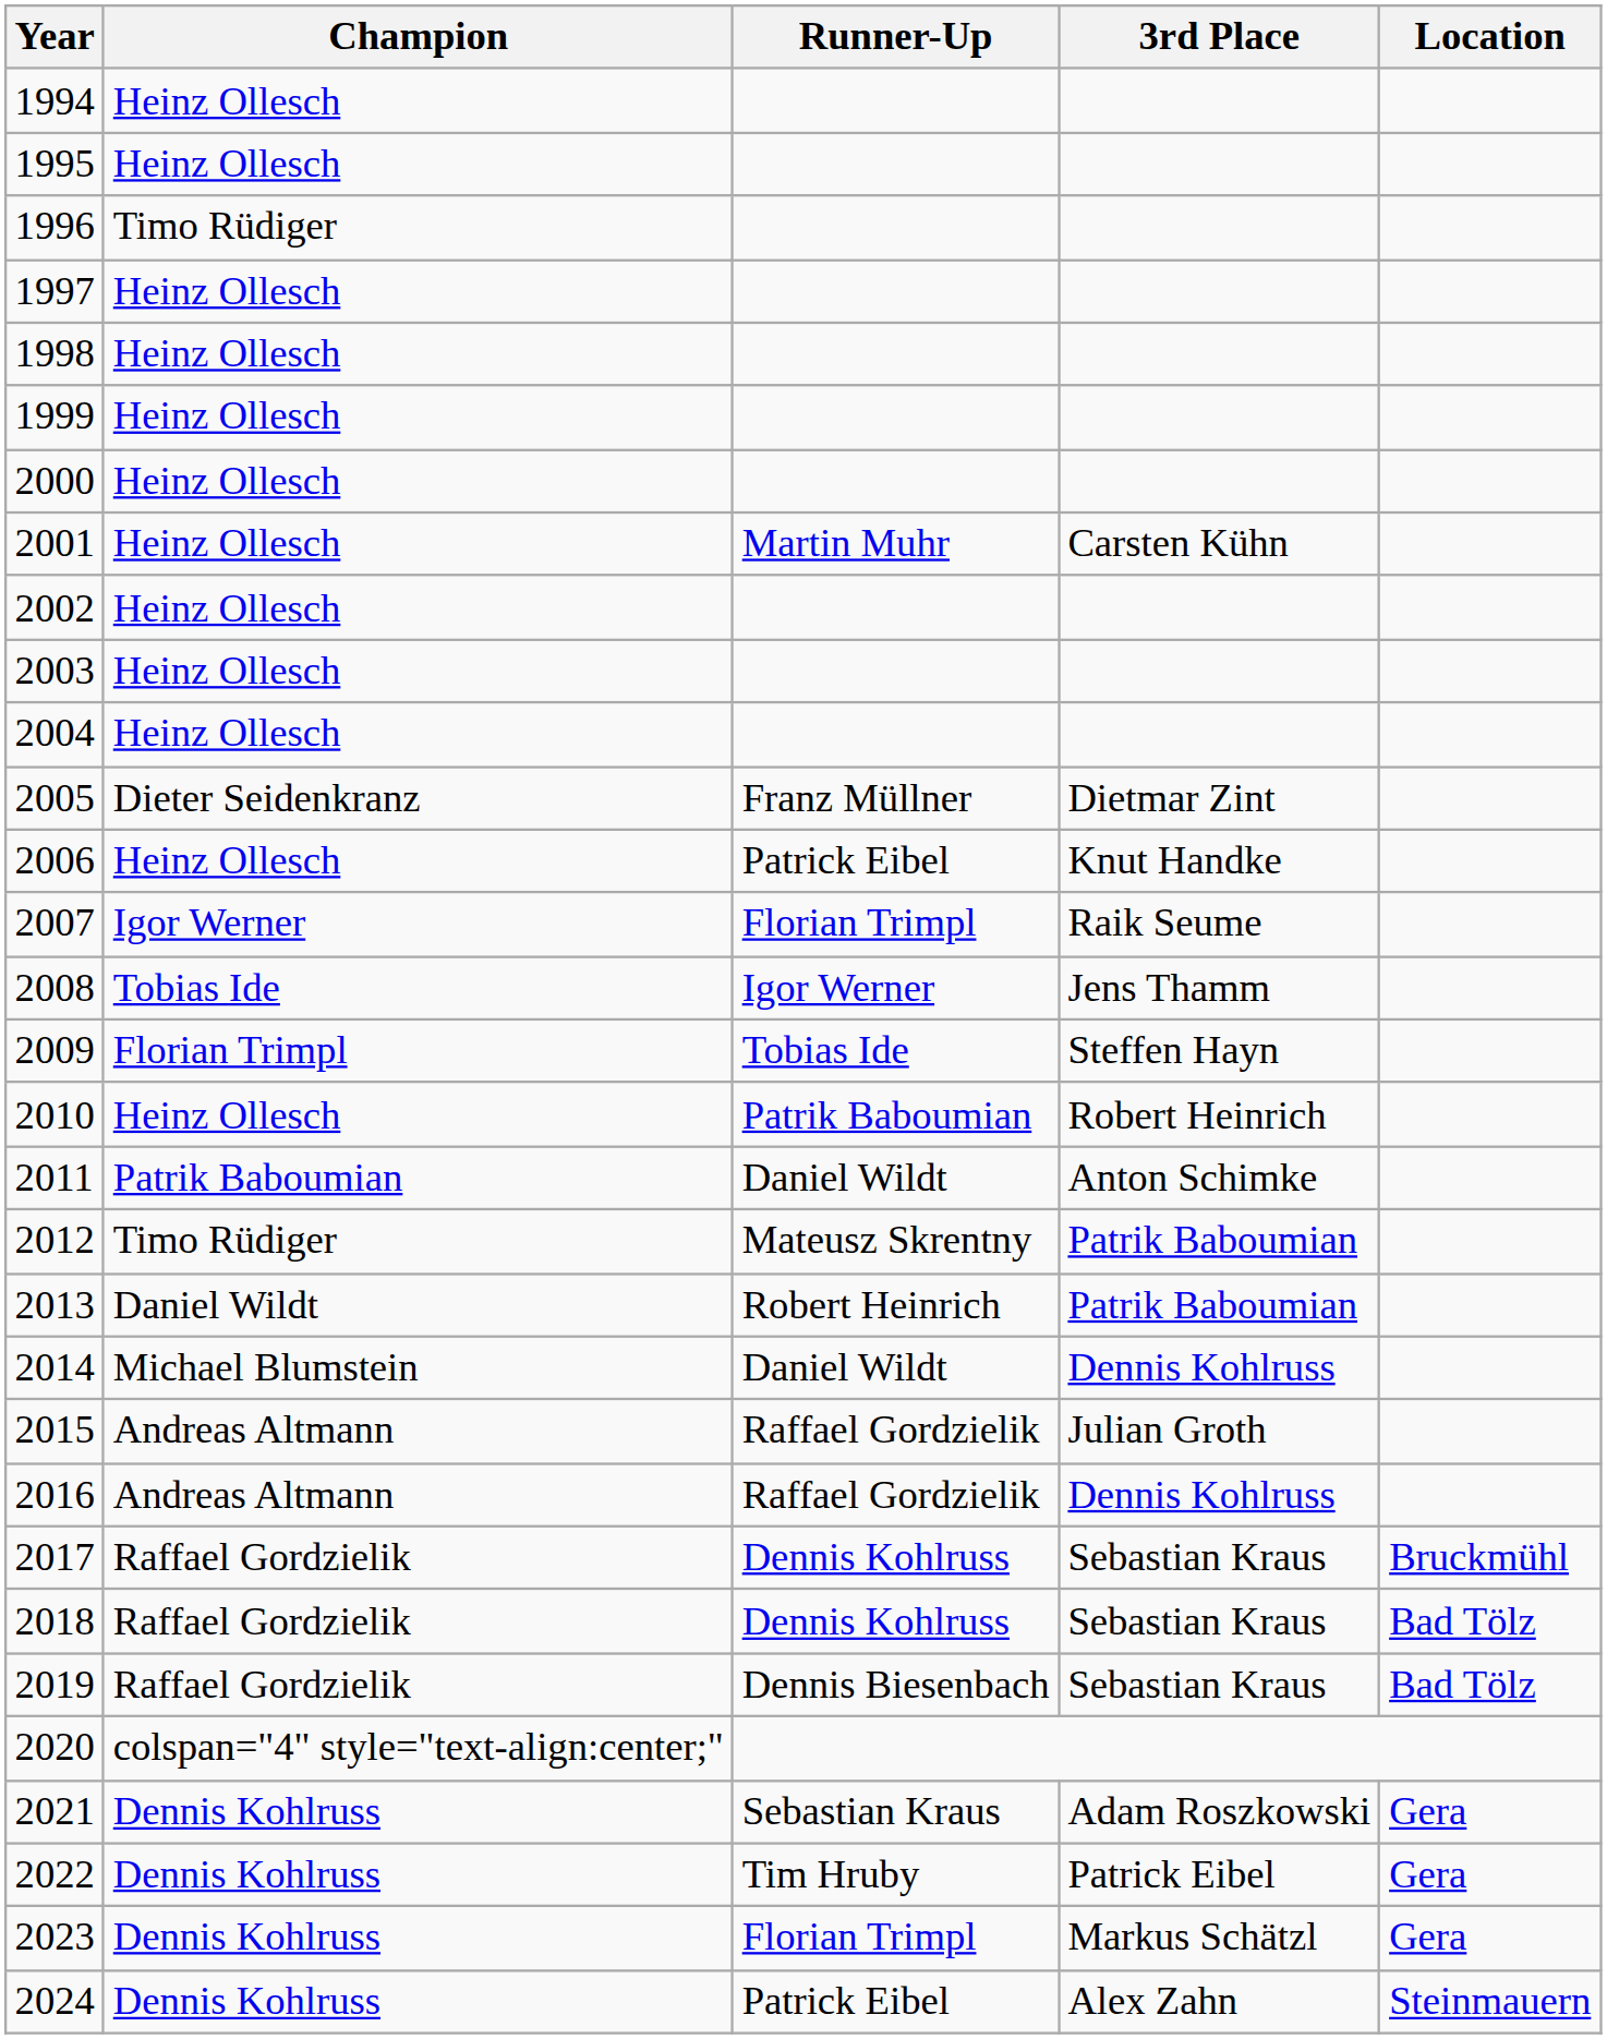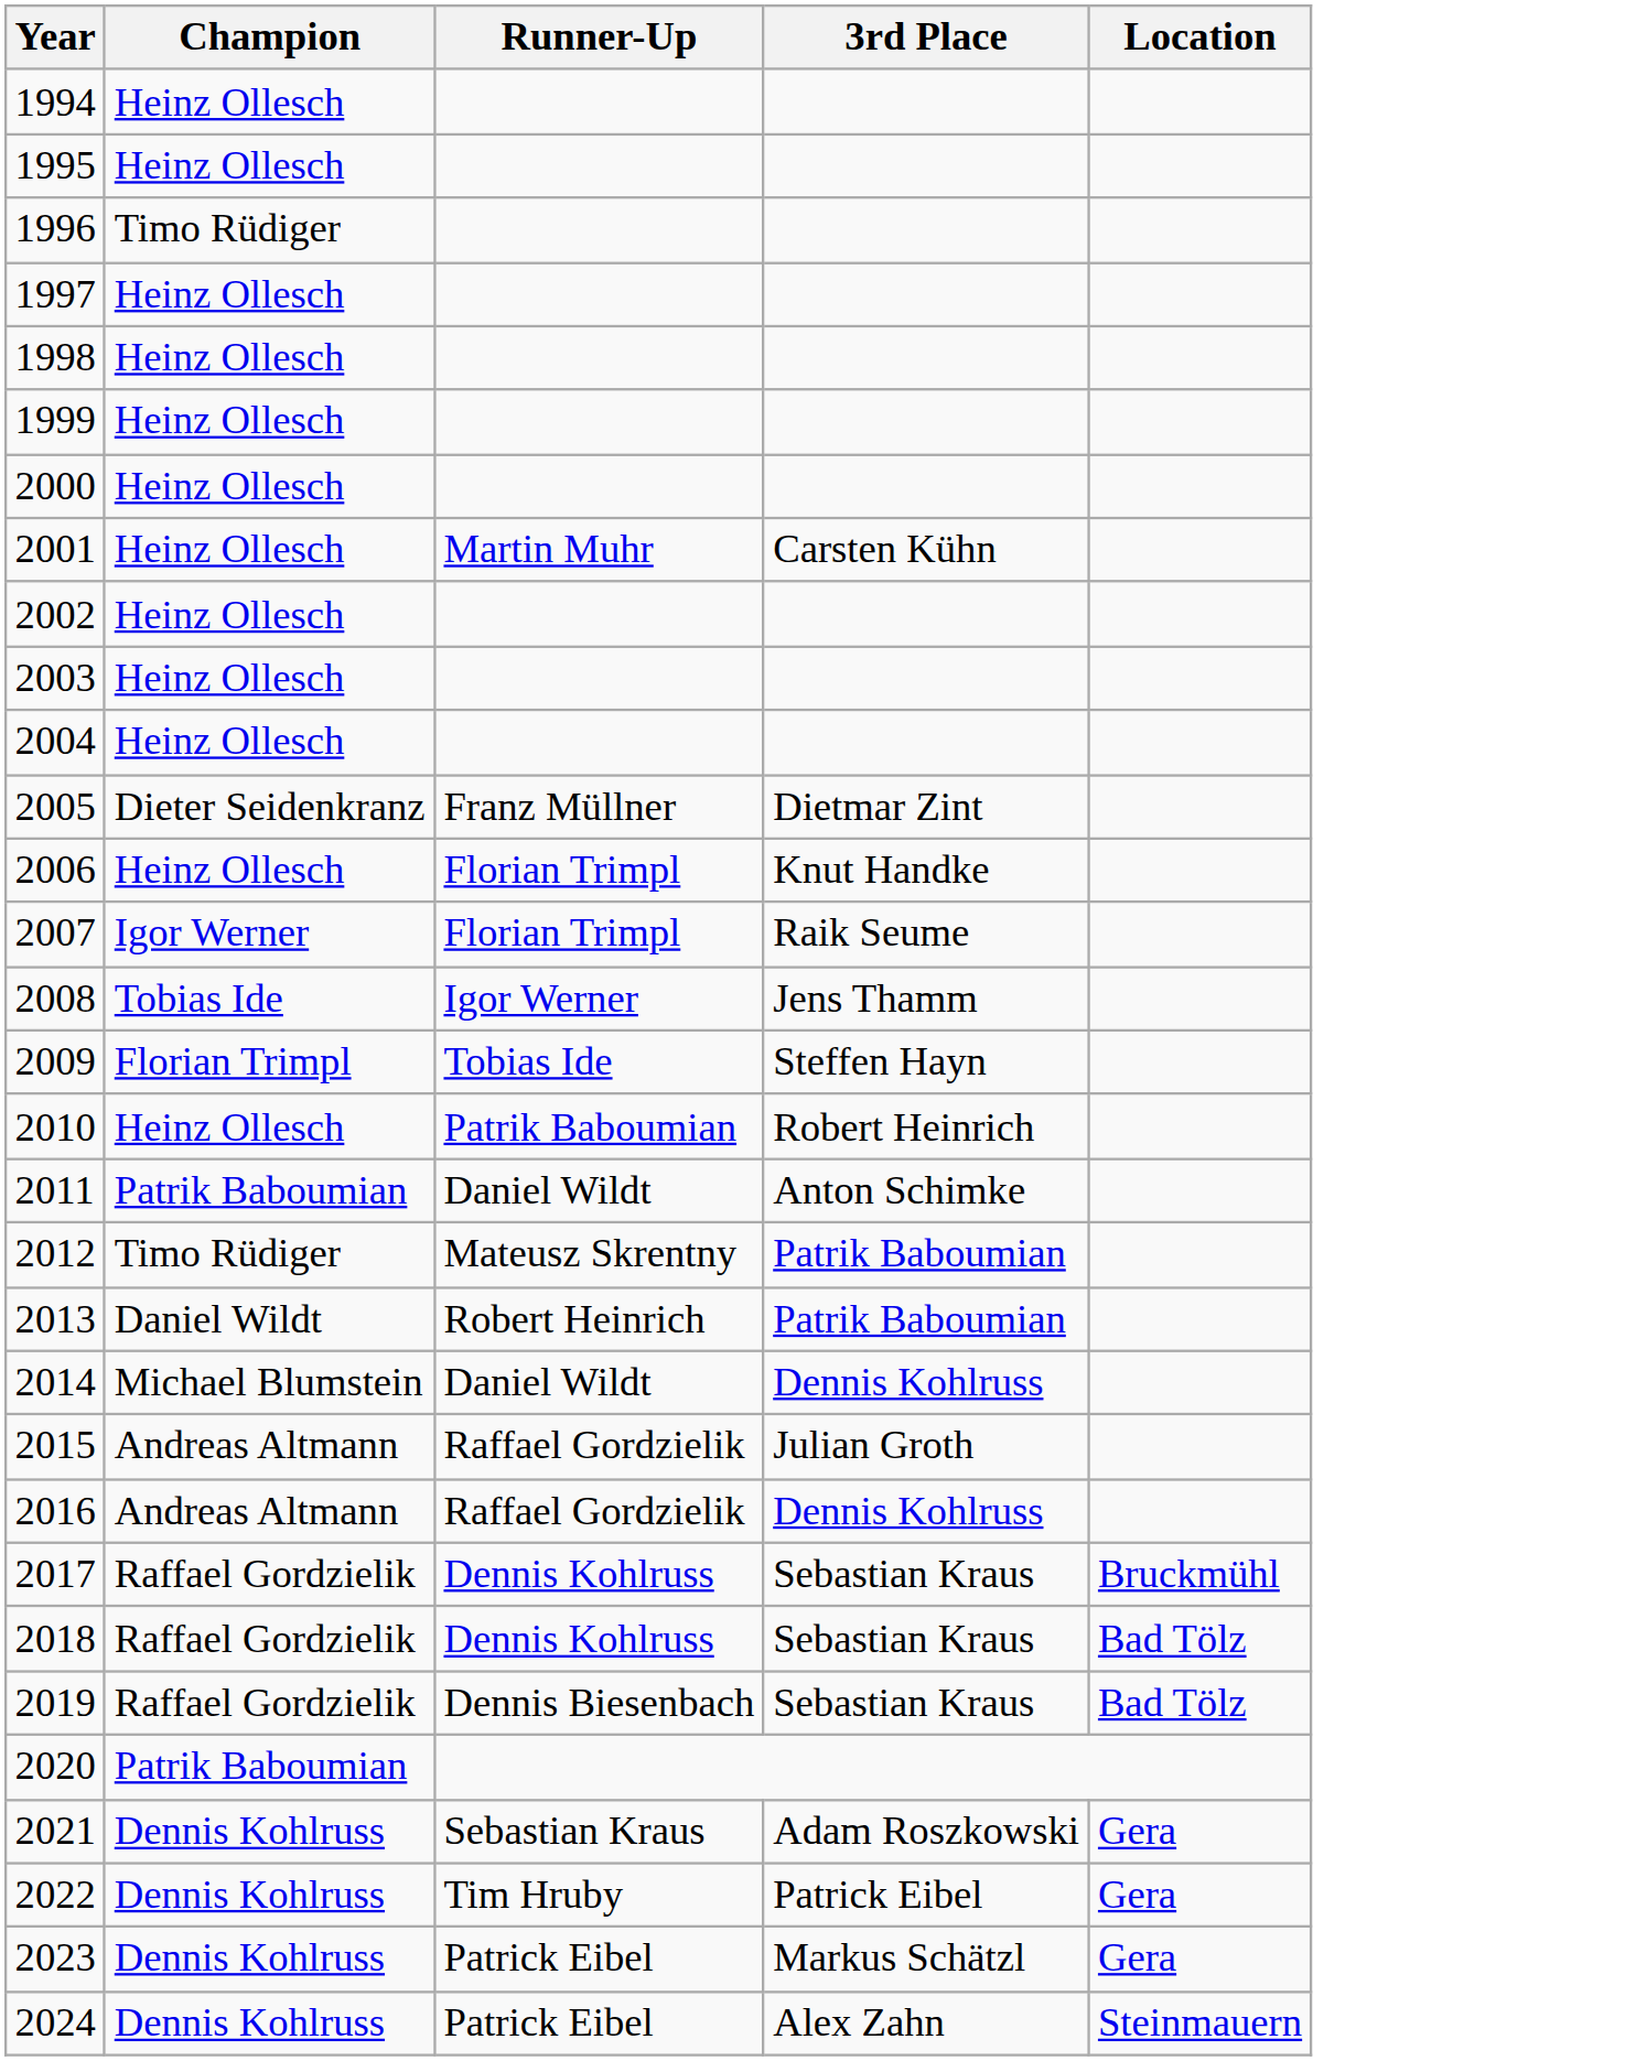 <table class="wikitable">
 <tr>
 <th>Year</th>
 <th>Champion</th>
 <th>Runner-Up</th>
 <th>3rd Place</th>
 <th>Location</th>
 </tr>
 <tr>
 <td>1994</td>
 <td> <a href='#'>Heinz Ollesch</a></td>
 <td></td>
 <td></td>
 <td></td>
 </tr>
 <tr>
 <td>1995</td>
 <td> <a href='#'>Heinz Ollesch</a></td>
 <td></td>
 <td></td>
 <td></td>
 </tr>
 <tr>
 <td>1996</td>
 <td> Timo Rüdiger</td>
 <td></td>
 <td></td>
 <td></td>
 </tr>
 <tr>
 <td>1997</td>
 <td> <a href='#'>Heinz Ollesch</a></td>
 <td></td>
 <td></td>
 <td></td>
 </tr>
 <tr>
 <td>1998</td>
 <td> <a href='#'>Heinz Ollesch</a></td>
 <td></td>
 <td></td>
 <td></td>
 </tr>
 <tr>
 <td>1999</td>
 <td> <a href='#'>Heinz Ollesch</a></td>
 <td></td>
 <td></td>
 <td></td>
 </tr>
 <tr>
 <td>2000</td>
 <td> <a href='#'>Heinz Ollesch</a></td>
 <td></td>
 <td></td>
 <td></td>
 </tr>
 <tr>
 <td>2001</td>
 <td> <a href='#'>Heinz Ollesch</a></td>
 <td> <a href='#'>Martin Muhr</a></td>
 <td> Carsten Kühn</td>
 <td></td>
 </tr>
 <tr>
 <td>2002</td>
 <td> <a href='#'>Heinz Ollesch</a></td>
 <td></td>
 <td></td>
 <td></td>
 </tr>
 <tr>
 <td>2003</td>
 <td> <a href='#'>Heinz Ollesch</a></td>
 <td></td>
 <td></td>
 <td></td>
 </tr>
 <tr>
 <td>2004</td>
 <td> <a href='#'>Heinz Ollesch</a></td>
 <td></td>
 <td></td>
 <td></td>
 </tr>
 <tr>
 <td>2005</td>
 <td> Dieter Seidenkranz</td>
 <td> Franz Müllner</td>
 <td> Dietmar Zint</td>
 <td></td>
 </tr>
 <tr>
 <td>2006</td>
 <td> <a href='#'>Heinz Ollesch</a></td>
-<td> Patrick Eibel</td>
+<td> <a href='#'>Florian Trimpl</a></td>
 <td> Knut Handke</td>
 <td></td>
 </tr>
 <tr>
 <td>2007</td>
 <td> <a href='#'>Igor Werner</a></td>
 <td> <a href='#'>Florian Trimpl</a></td>
 <td> Raik Seume</td>
 <td></td>
 </tr>
 <tr>
 <td>2008</td>
 <td> <a href='#'>Tobias Ide</a></td>
 <td> <a href='#'>Igor Werner</a></td>
 <td> Jens Thamm</td>
 <td></td>
 </tr>
 <tr>
 <td>2009</td>
 <td> <a href='#'>Florian Trimpl</a></td>
 <td> <a href='#'>Tobias Ide</a></td>
 <td> Steffen Hayn</td>
 <td></td>
 </tr>
 <tr>
 <td>2010</td>
 <td> <a href='#'>Heinz Ollesch</a></td>
 <td> <a href='#'>Patrik Baboumian</a></td>
 <td> Robert Heinrich</td>
 <td></td>
 </tr>
 <tr>
 <td>2011</td>
 <td> <a href='#'>Patrik Baboumian</a></td>
 <td> Daniel Wildt</td>
 <td> Anton Schimke</td>
 <td></td>
 </tr>
 <tr>
 <td>2012</td>
 <td> Timo Rüdiger</td>
 <td> Mateusz Skrentny</td>
 <td> <a href='#'>Patrik Baboumian</a></td>
 <td></td>
 </tr>
 <tr>
 <td>2013</td>
 <td> Daniel Wildt</td>
 <td> Robert Heinrich</td>
 <td> <a href='#'>Patrik Baboumian</a></td>
 <td></td>
 </tr>
 <tr>
 <td>2014</td>
 <td> Michael Blumstein</td>
 <td> Daniel Wildt</td>
 <td> <a href='#'>Dennis Kohlruss</a></td>
 <td></td>
 </tr>
 <tr>
 <td>2015</td>
 <td> Andreas Altmann</td>
 <td> Raffael Gordzielik</td>
 <td> Julian Groth</td>
 <td></td>
 </tr>
 <tr>
 <td>2016</td>
 <td> Andreas Altmann</td>
 <td> Raffael Gordzielik</td>
 <td> <a href='#'>Dennis Kohlruss</a></td>
 <td></td>
 </tr>
 <tr>
 <td>2017</td>
 <td> Raffael Gordzielik</td>
 <td> <a href='#'>Dennis Kohlruss</a></td>
 <td> Sebastian Kraus</td>
 <td><a href='#'>Bruckmühl</a></td>
 </tr>
 <tr>
 <td>2018</td>
 <td> Raffael Gordzielik</td>
 <td> <a href='#'>Dennis Kohlruss</a></td>
 <td> Sebastian Kraus</td>
 <td><a href='#'>Bad Tölz</a></td>
 </tr>
 <tr>
 <td>2019</td>
 <td> Raffael Gordzielik</td>
 <td> Dennis Biesenbach</td>
 <td> Sebastian Kraus</td>
 <td><a href='#'>Bad Tölz</a></td>
 </tr>
 <tr>
 <td>2020</td>
-<td>colspan="4" style="text-align:center;" </td>
+<td> <a href='#'>Patrik Baboumian</a></td>
 </tr>
 <tr>
 <td>2021</td>
 <td> <a href='#'>Dennis Kohlruss</a></td>
 <td> Sebastian Kraus</td>
 <td> Adam Roszkowski</td>
 <td><a href='#'>Gera</a></td>
 </tr>
 <tr>
 <td>2022</td>
 <td> <a href='#'>Dennis Kohlruss</a></td>
 <td> Tim Hruby</td>
 <td> Patrick Eibel</td>
 <td><a href='#'>Gera</a></td>
 </tr>
 <tr>
 <td>2023</td>
 <td> <a href='#'>Dennis Kohlruss</a></td>
-<td> <a href='#'>Florian Trimpl</a></td>
+<td> Patrick Eibel</td>
 <td> Markus Schätzl</td>
 <td><a href='#'>Gera</a></td>
 </tr>
 <tr>
 <td>2024</td>
 <td> <a href='#'>Dennis Kohlruss</a></td>
 <td> Patrick Eibel</td>
 <td> Alex Zahn</td>
 <td><a href='#'>Steinmauern</a></td>
 </tr>
 </table>
